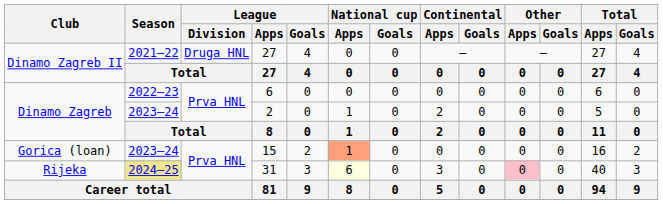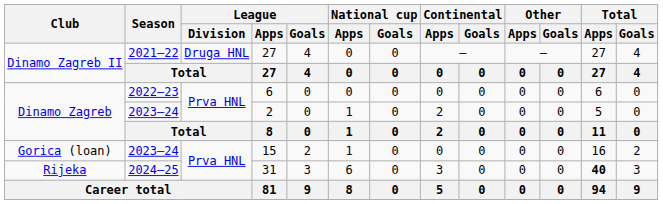 <table class="wikitable" style="text-align:center">
 <tr>
 <th rowspan="2">Club</th>
 <th rowspan="2">Season</th>
 <th colspan="3">League</th>
 <th colspan="2">National cup</th>
 <th colspan="2">Continental</th>
 <th colspan="2">Other</th>
 <th colspan="2">Total</th>
 </tr>
 <tr>
 <th>Division</th>
 <th>Apps</th>
 <th>Goals</th>
 <th>Apps</th>
 <th>Goals</th>
 <th>Apps</th>
 <th>Goals</th>
 <th>Apps</th>
 <th>Goals</th>
 <th>Apps</th>
 <th>Goals</th>
 </tr>
 <tr>
 <td rowspan="2"><a href='#'>Dinamo Zagreb II</a></td>
 <td><a href='#'>2021–22</a></td>
 <td><a href='#'>Druga HNL</a></td>
 <td>27</td>
 <td>4</td>
 <td>0</td>
 <td>0</td>
 <td colspan="2">—</td>
 <td colspan="2">—</td>
 <td>27</td>
 <td>4</td>
 </tr>
 <tr>
 <th colspan=2>Total</th>
 <th>27</th>
 <th>4</th>
 <th>0</th>
 <th>0</th>
 <th>0</th>
 <th>0</th>
 <th>0</th>
 <th>0</th>
 <th>27</th>
 <th>4</th>
 </tr>
 <tr>
 <td rowspan="3"><a href='#'>Dinamo Zagreb</a></td>
 <td><a href='#'>2022–23</a></td>
 <td rowspan="2"><a href='#'>Prva HNL</a></td>
 <td>6</td>
 <td>0</td>
 <td>0</td>
 <td>0</td>
 <td>0</td>
 <td>0</td>
 <td>0</td>
 <td>0</td>
 <td>6</td>
 <td>0</td>
 </tr>
 <tr>
 <td><a href='#'>2023–24</a></td>
 <td>2</td>
 <td>0</td>
 <td>1</td>
 <td>0</td>
 <td>2</td>
 <td>0</td>
 <td>0</td>
 <td>0</td>
 <td>5</td>
 <td>0</td>
 </tr>
 <tr>
 <th colspan=2>Total</th>
 <th>8</th>
 <th>0</th>
 <th>1</th>
 <th>0</th>
 <th>2</th>
 <th>0</th>
 <th>0</th>
 <th>0</th>
 <th>11</th>
 <th>0</th>
 </tr>
 <tr>
 <td><a href='#'>Gorica</a> (loan)</td>
 <td><a href='#'>2023–24</a></td>
 <td rowspan="2"><a href='#'>Prva HNL</a></td>
 <td>15</td>
 <td>2</td>
-<td style="background: lightsalmon;">1</td>
+<td>1</td>
 <td>0</td>
 <td>0</td>
 <td>0</td>
 <td>0</td>
 <td>0</td>
 <td>16</td>
 <td>2</td>
 </tr>
 <tr>
 <td><a href='#'>Rijeka</a></td>
-<td style="background: khaki;"><a href='#'>2024–25</a></td>
+<td><a href='#'>2024–25</a></td>
 <td>31</td>
 <td>3</td>
-<td style="background: lightyellow;">6</td>
+<td>6</td>
 <td>0</td>
 <td>3</td>
 <td>0</td>
-<td style="background: pink;">0</td>
 <td>0</td>
-<td>40</td>
+<td>0</td>
+<td><strong>40</strong></td>
 <td>3</td>
 </tr>
 <tr>
 <th colspan=3>Career total</th>
 <th>81</th>
 <th>9</th>
 <th>8</th>
 <th>0</th>
 <th>5</th>
 <th>0</th>
 <th>0</th>
 <th>0</th>
 <th>94</th>
 <th>9</th>
 </tr>
 </table>
